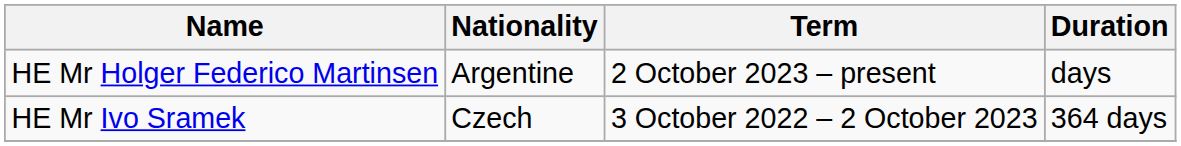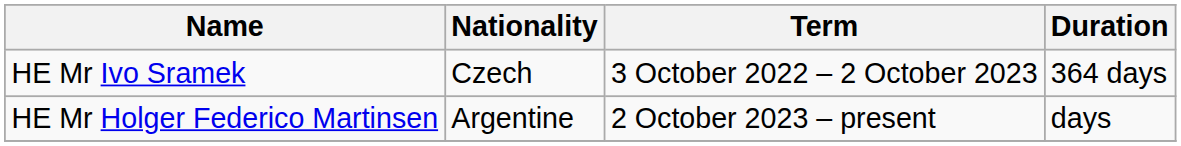 <table class="wikitable">
 <tr>
 <th>Name</th>
 <th>Nationality</th>
 <th>Term</th>
 <th>Duration</th>
 </tr>
 <tr>
+<td>HE Mr <a href='#'>Ivo Sramek</a></td>
+<td> Czech</td>
+<td>3 October 2022 – 2 October 2023</td>
+<td>364 days</td>
+</tr>
+<tr>
 <td>HE Mr <a href='#'>Holger Federico Martinsen</a></td>
 <td> Argentine</td>
 <td>2 October 2023  – present</td>
 <td> days</td>
 </tr>
 <tr>
-<td>HE Mr <a href='#'>Ivo Sramek</a></td>
-<td> Czech</td>
-<td>3 October 2022 – 2 October 2023</td>
-<td>364 days</td>
-</tr>
-<tr>
 </tr>
 </table>
